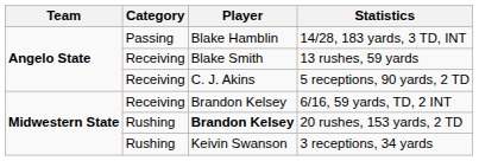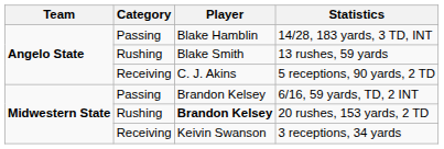 <table class="wikitable" style="float: left;">
 <tr>
 <th>Team</th>
 <th>Category</th>
 <th>Player</th>
 <th>Statistics</th>
 </tr>
 <tr>
 <td rowspan=3><strong>Angelo State</strong></td>
 <td>Passing</td>
 <td>Blake Hamblin</td>
 <td>14/28, 183 yards, 3 TD, INT</td>
 </tr>
 <tr>
-<td>Receiving</td>
+<td>Rushing</td>
 <td>Blake Smith</td>
 <td>13 rushes, 59 yards</td>
 </tr>
 <tr>
 <td>Receiving</td>
 <td>C. J. Akins</td>
 <td>5 receptions, 90 yards, 2 TD</td>
 </tr>
 <tr>
 <td rowspan=3><strong>Midwestern State</strong></td>
-<td>Receiving</td>
+<td>Passing</td>
 <td>Brandon Kelsey</td>
 <td>6/16, 59 yards, TD, 2 INT</td>
 </tr>
 <tr>
 <td>Rushing</td>
 <td><strong>Brandon Kelsey</strong></td>
 <td>20 rushes, 153 yards, 2 TD</td>
 </tr>
 <tr>
-<td>Rushing</td>
+<td>Receiving</td>
 <td>Keivin Swanson</td>
 <td>3 receptions, 34 yards</td>
 </tr>
 </table>
